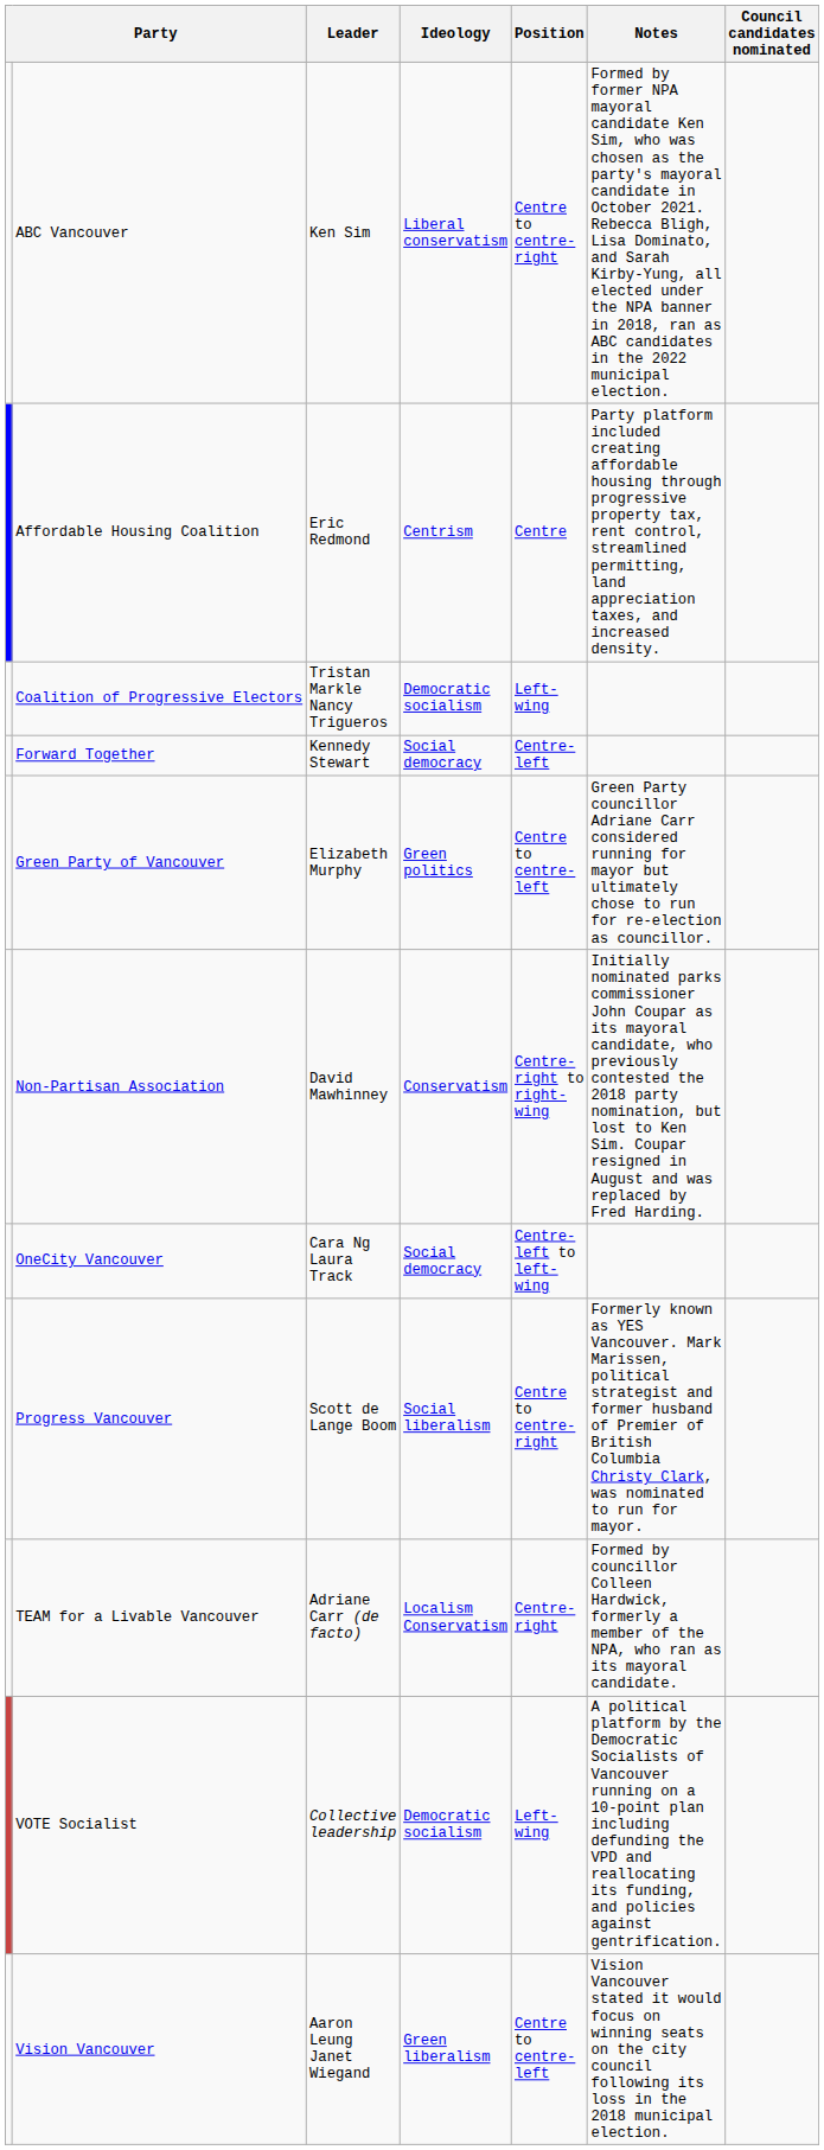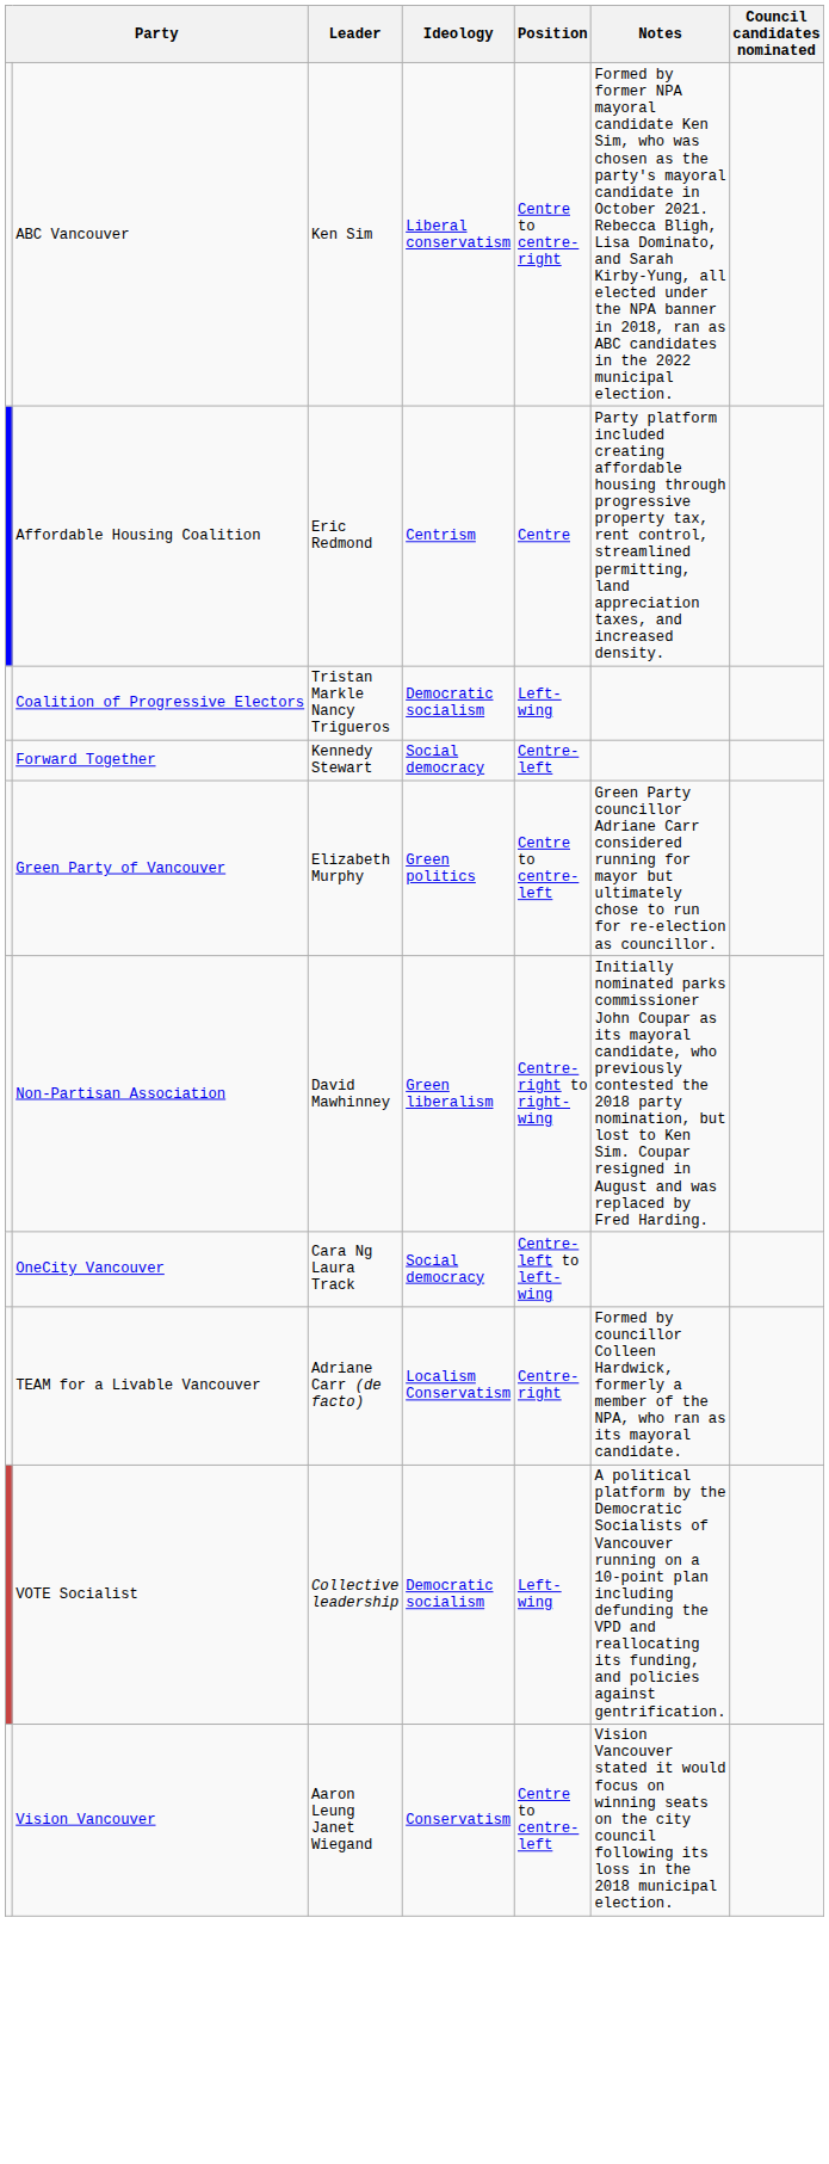 <table class="wikitable">
 <tr>
 <th colspan="2">Party</th>
 <th>Leader</th>
 <th>Ideology</th>
 <th>Position</th>
 <th>Notes</th>
 <th>Council candidates nominated</th>
 </tr>
 <tr>
 <td style="background:"></td>
 <td nowrap>ABC Vancouver</td>
 <td>Ken Sim</td>
 <td><a href='#'>Liberal conservatism</a></td>
 <td><a href='#'> Centre</a> to <a href='#'>centre-right</a></td>
 <td>Formed by former NPA mayoral candidate Ken Sim, who was chosen as the party's mayoral candidate in October 2021. Rebecca Bligh, Lisa Dominato, and Sarah Kirby-Yung, all elected under the NPA banner in 2018, ran as ABC candidates in the 2022 municipal election.</td>
 <td></td>
 </tr>
 <tr>
 <td style="background:#0000FF;"></td>
 <td>Affordable Housing Coalition</td>
 <td>Eric Redmond</td>
 <td><a href='#'>Centrism</a></td>
 <td><a href='#'>Centre</a></td>
 <td>Party platform included creating affordable housing through progressive property tax, rent control, streamlined permitting, land appreciation taxes, and increased density.</td>
 <td></td>
 </tr>
 <tr>
 <td style="background:"></td>
 <td nowrap><a href='#'>Coalition of Progressive Electors</a></td>
 <td>Tristan Markle<br>Nancy Trigueros</td>
 <td><a href='#'>Democratic socialism</a></td>
 <td><a href='#'>Left-wing</a></td>
 <td></td>
 <td></td>
 </tr>
 <tr>
 <td style="background:"></td>
 <td nowrap><a href='#'>Forward Together</a></td>
 <td>Kennedy Stewart</td>
 <td><a href='#'>Social democracy</a></td>
 <td><a href='#'>Centre-left</a></td>
 <td></td>
 <td></td>
 </tr>
 <tr>
 <td style="background:"></td>
 <td><a href='#'>Green Party of Vancouver</a></td>
 <td>Elizabeth Murphy</td>
 <td><a href='#'>Green politics</a></td>
 <td><a href='#'>Centre</a> to <a href='#'>centre-left</a></td>
 <td>Green Party councillor Adriane Carr considered running for mayor but ultimately chose to run for re-election as councillor.</td>
 <td></td>
 </tr>
 <tr>
 <td style="background:"></td>
 <td><a href='#'>Non-Partisan Association</a></td>
 <td>David Mawhinney</td>
-<td><a href='#'>Conservatism</a></td>
+<td><a href='#'>Green liberalism</a></td>
 <td><a href='#'>Centre-right</a> to <a href='#'>right-wing</a></td>
 <td>Initially nominated parks commissioner John Coupar as its mayoral candidate, who previously contested the 2018 party nomination, but lost to Ken Sim. Coupar resigned in August and was replaced by Fred Harding.</td>
 <td></td>
 </tr>
 <tr>
 <td style="background:"></td>
 <td nowrap><a href='#'>OneCity Vancouver</a></td>
 <td>Cara Ng<br>Laura Track</td>
 <td><a href='#'>Social democracy</a></td>
 <td><a href='#'>Centre-left</a> to<br><a href='#'>left-wing</a></td>
 <td></td>
-<td></td>
-</tr>
-<tr>
-<td style="background:"></td>
-<td nowrap><a href='#'>Progress Vancouver</a></td>
-<td>Scott de Lange Boom</td>
-<td><a href='#'>Social liberalism</a><br></td>
-<td><a href='#'>Centre</a> to <a href='#'>centre-right</a></td>
-<td>Formerly known as YES Vancouver. Mark Marissen, political strategist and former husband of Premier of British Columbia <a href='#'>Christy Clark</a>, was nominated to run for mayor.</td>
 <td></td>
 </tr>
 <tr>
 <td style="background:"></td>
 <td nowrap>TEAM for a Livable Vancouver</td>
 <td>Adriane Carr <em>(de facto)</em></td>
 <td><a href='#'>Localism</a><br><a href='#'>Conservatism</a><br></td>
 <td><a href='#'>Centre-right</a></td>
 <td>Formed by councillor Colleen Hardwick, formerly a member of the NPA, who ran as its mayoral candidate.</td>
 <td></td>
 </tr>
 <tr>
 <td style="background:#c74342;"></td>
 <td>VOTE Socialist</td>
 <td><em>Collective leadership</em></td>
 <td><a href='#'>Democratic socialism</a></td>
 <td><a href='#'>Left-wing</a></td>
 <td>A political platform by the Democratic Socialists of Vancouver running on a 10-point plan including defunding the VPD and reallocating its funding, and policies against gentrification.</td>
 <td></td>
 </tr>
 <tr>
 <td style="background:"></td>
 <td><a href='#'>Vision Vancouver</a></td>
 <td>Aaron Leung<br>Janet Wiegand</td>
-<td><a href='#'>Green liberalism</a></td>
+<td><a href='#'>Conservatism</a></td>
 <td><a href='#'>Centre</a> to <a href='#'>centre-left</a></td>
 <td>Vision Vancouver stated it would focus on winning seats on the city council following its loss in the 2018 municipal election.</td>
 <td></td>
 </tr>
 </table>
